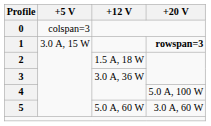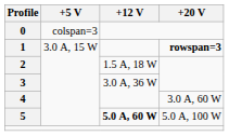 <table class="wikitable floatright" style=text-align:right>
 <tr>
 <th>Profile</th>
 <th>+5 V</th>
 <th>+12 V</th>
 <th>+20 V</th>
 </tr>
 <tr>
 <th>0</th>
 <td>colspan=3 </td>
 </tr>
 <tr>
 <th>1</th>
 <td rowspan=5 valign="top">3.0 A, 15 W</td>
 <td></td>
 <td><strong>rowspan=3 </strong></td>
 </tr>
 <tr>
 <th>2</th>
 <td>1.5 A, 18 W</td>
 </tr>
 <tr>
 <th>3</th>
 <td rowspan=2 valign="top">3.0 A, 36 W</td>
 </tr>
 <tr>
 <th>4</th>
-<td>5.0 A, 100 W</td>
+<td>3.0 A, 60 W</td>
 </tr>
 <tr>
 <th>5</th>
-<td>5.0 A, 60 W</td>
-<td>3.0 A, 60 W</td>
+<td><strong>5.0 A, 60 W</strong></td>
+<td>5.0 A, 100 W</td>
 </tr>
 <tr>
 <td colspan=4></td>
 </tr>
 </table>
